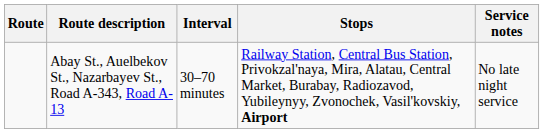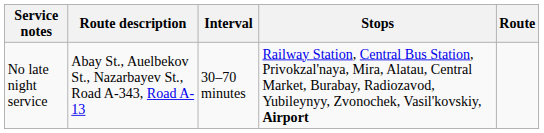 <table class="wikitable">
 <tr>
-<th>Route</th>
+<th>Service notes</th>
 <th>Route description</th>
 <th>Interval</th>
 <th>Stops</th>
-<th>Service notes</th>
+<th>Route</th>
 </tr>
 <tr>
-<td></td>
+<td>No late night service</td>
 <td>Abay St., Auelbekov St., Nazarbayev St., Road A-343, <a href='#'>Road A-13</a></td>
 <td>30–70 minutes</td>
 <td><a href='#'>Railway Station</a>, <a href='#'>Central Bus Station</a>, Privokzal'naya, Mira, Alatau, Central Market, Burabay, Radiozavod, Yubileynyy, Zvonochek, Vasil'kovskiy, <strong>Airport</strong></td>
-<td>No late night service</td>
+<td></td>
 </tr>
 </table>
